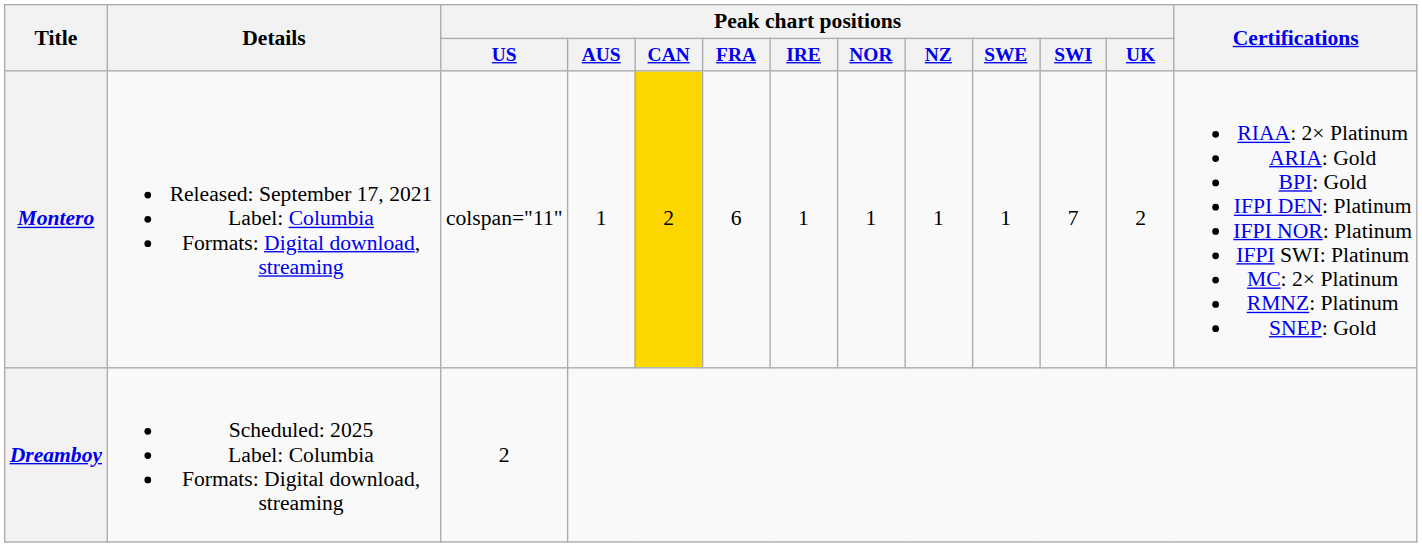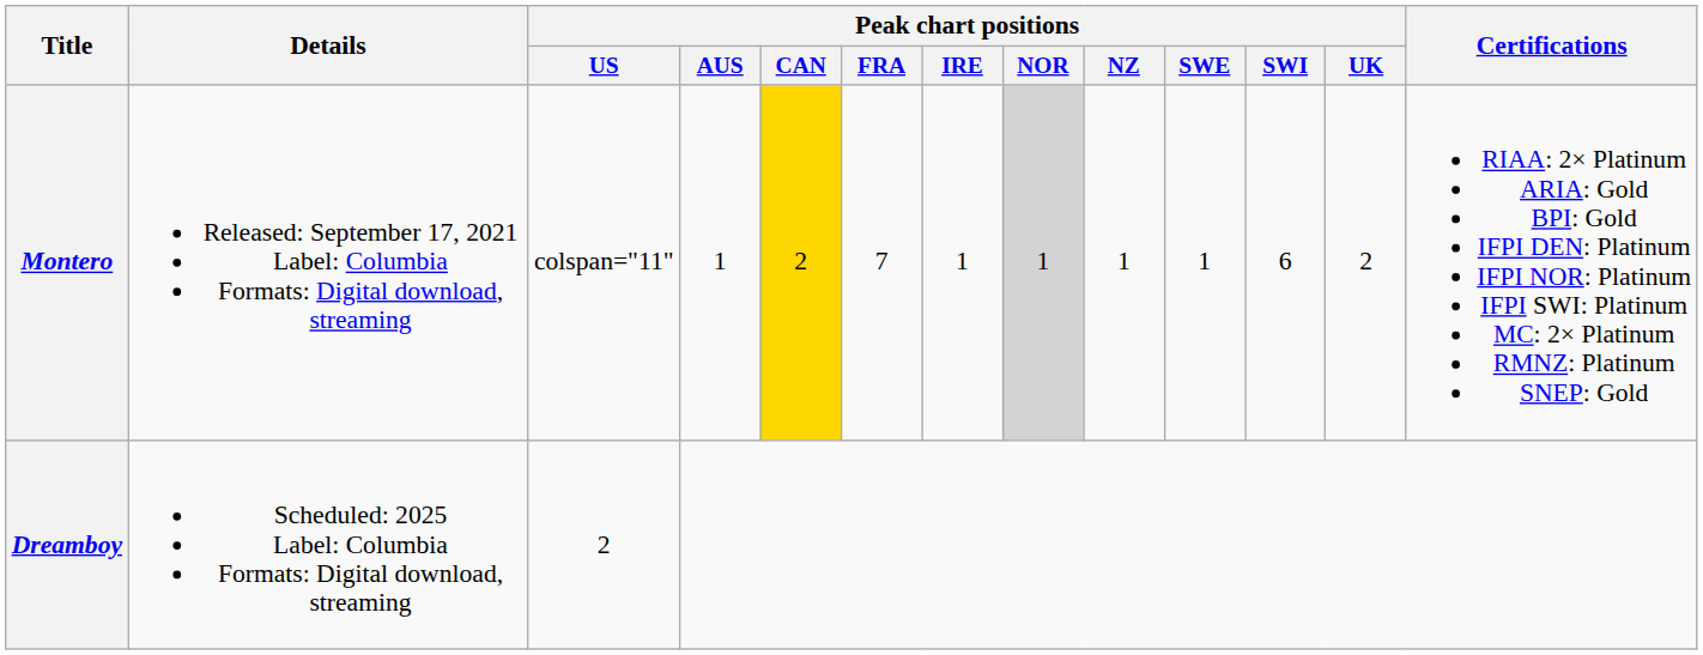 <table class="wikitable plainrowheaders" style="text-align:center;">
 <tr>
 <th scope="col" rowspan="2">Title</th>
 <th scope="col" rowspan="2" style="width:15em;">Details</th>
 <th scope="col" colspan="10">Peak chart positions</th>
 <th scope="col" rowspan="2"><a href='#'>Certifications</a></th>
 </tr>
 <tr>
 <th scope="col" style="width:3em;font-size:90%;"><a href='#'>US</a><br></th>
 <th scope="col" style="width:3em;font-size:90%;"><a href='#'>AUS</a><br></th>
 <th scope="col" style="width:3em;font-size:90%;"><a href='#'>CAN</a><br></th>
 <th scope="col" style="width:3em;font-size:90%;"><a href='#'>FRA</a><br></th>
 <th scope="col" style="width:3em;font-size:90%;"><a href='#'>IRE</a><br></th>
 <th scope="col" style="width:3em;font-size:90%;"><a href='#'>NOR</a><br></th>
 <th scope="col" style="width:3em;font-size:90%;"><a href='#'>NZ</a><br></th>
 <th scope="col" style="width:3em;font-size:90%;"><a href='#'>SWE</a><br></th>
 <th scope="col" style="width:3em;font-size:90%;"><a href='#'>SWI</a><br></th>
 <th scope="col" style="width:3em;font-size:90%;"><a href='#'>UK</a><br></th>
 </tr>
 <tr>
 <th scope="row"><em><a href='#'>Montero</a></em></th>
 <td><br><ul><li>Released: September 17, 2021</li><li>Label: <a href='#'>Columbia</a></li><li>Formats: <a href='#'>Digital download</a>, <a href='#'>streaming</a></li></ul></td>
 <td>colspan="11" </td>
 <td>1</td>
 <td style="background: gold;">2</td>
-<td>6</td>
+<td>7</td>
+<td>1</td>
+<td style="background: lightgrey;">1</td>
 <td>1</td>
 <td>1</td>
-<td>1</td>
-<td>1</td>
-<td>7</td>
+<td>6</td>
 <td>2</td>
 <td><br><ul><li><a href='#'>RIAA</a>: 2× Platinum</li><li><a href='#'>ARIA</a>: Gold</li><li><a href='#'>BPI</a>: Gold</li><li><a href='#'>IFPI DEN</a>: Platinum</li><li><a href='#'>IFPI NOR</a>: Platinum</li><li><a href='#'>IFPI</a> SWI: Platinum</li><li><a href='#'>MC</a>: 2× Platinum</li><li><a href='#'>RMNZ</a>: Platinum</li><li><a href='#'>SNEP</a>: Gold</li></ul></td>
 </tr>
 <tr>
 <th scope="row"><em><a href='#'>Dreamboy</a></em></th>
 <td><br><ul><li>Scheduled: 2025</li><li>Label: Columbia</li><li>Formats: Digital download, streaming</li></ul></td>
 <td>2</td>
 </tr>
 </table>
